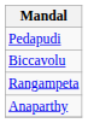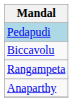 <table class="wikitable sortable static-row-numbers static-row-header-hash">
 <tr>
 <th>Mandal</th>
 </tr>
 <tr>
-<td><a href='#'>Pedapudi</a></td>
+<td style="background: lightblue;"><a href='#'>Pedapudi</a></td>
 </tr>
 <tr>
 <td><a href='#'>Biccavolu</a></td>
 </tr>
 <tr>
 <td><a href='#'>Rangampeta</a></td>
 </tr>
 <tr>
 <td><a href='#'>Anaparthy</a></td>
 </tr>
 <tr>
 </tr>
 </table>
